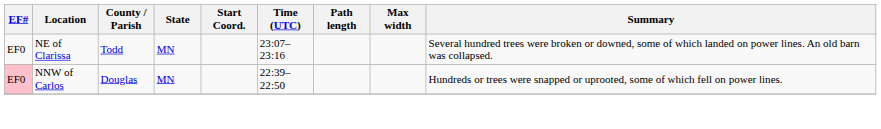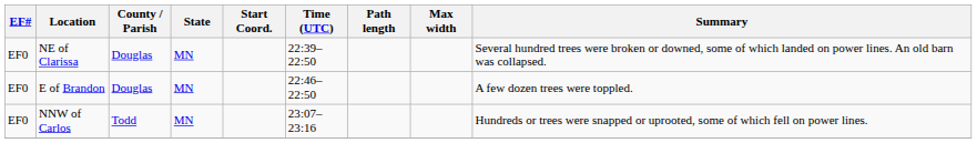 <table class="wikitable sortable" style="width:100%;">
 <tr>
 <th scope="col"  style="width:3%; text-align:center;"><a href='#'>EF#</a></th>
 <th scope="col"  style="width:7%; text-align:center;" class="unsortable">Location</th>
 <th scope="col"  style="width:6%; text-align:center;" class="unsortable">County / Parish</th>
 <th scope="col"  style="width:5%; text-align:center;">State</th>
 <th scope="col"  style="width:6%; text-align:center;">Start Coord.</th>
 <th scope="col"  style="width:6%; text-align:center;">Time (<a href='#'>UTC</a>)</th>
 <th scope="col"  style="width:6%; text-align:center;">Path length</th>
 <th scope="col"  style="width:6%; text-align:center;">Max width</th>
 <th scope="col" class="unsortable" style="width:48%; text-align:center;">Summary</th>
 </tr>
 <tr>
 <td>EF0</td>
 <td>NE of <a href='#'>Clarissa</a></td>
-<td><a href='#'>Todd</a></td>
+<td><a href='#'>Douglas</a></td>
 <td><a href='#'>MN</a></td>
 <td></td>
-<td>23:07–23:16</td>
+<td>22:39–22:50</td>
 <td></td>
 <td></td>
 <td>Several hundred trees were broken or downed, some of which landed on power lines. An old barn was collapsed.</td>
 </tr>
 <tr>
-<td style="background: pink;">EF0</td>
-<td>NNW of <a href='#'>Carlos</a></td>
+<td>EF0</td>
+<td>E of <a href='#'>Brandon</a></td>
 <td><a href='#'>Douglas</a></td>
 <td><a href='#'>MN</a></td>
 <td></td>
-<td>22:39–22:50</td>
+<td>22:46–22:50</td>
+<td></td>
+<td></td>
+<td>A few dozen trees were toppled.</td>
+</tr>
+<tr>
+<td>EF0</td>
+<td>NNW of <a href='#'>Carlos</a></td>
+<td><a href='#'>Todd</a></td>
+<td><a href='#'>MN</a></td>
+<td></td>
+<td>23:07–23:16</td>
 <td></td>
 <td></td>
 <td>Hundreds or trees were snapped or uprooted, some of which fell on power lines.</td>
 </tr>
 <tr>
 </tr>
 </table>
